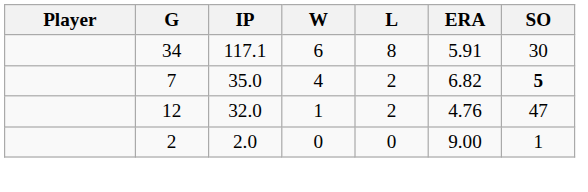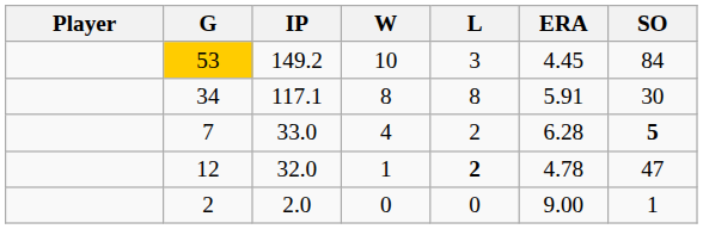 <table class="wikitable sortable">
 <tr>
 <th bgcolor="#DDDDFF" width="16%">Player</th>
 <th bgcolor="#DDDDFF" width="9%">G</th>
 <th bgcolor="#DDDDFF" width="9%">IP</th>
 <th bgcolor="#DDDDFF" width="9%">W</th>
 <th bgcolor="#DDDDFF" width="9%">L</th>
 <th bgcolor="#DDDDFF" width="9%">ERA</th>
 <th bgcolor="#DDDDFF" width="9%">SO</th>
 </tr>
 <tr align="center">
 <td></td>
+<td style="background:#fc0;">53</td>
+<td>149.2</td>
+<td>10</td>
+<td>3</td>
+<td>4.45</td>
+<td>84</td>
+</tr>
+<tr align="center">
+<td></td>
 <td>34</td>
 <td>117.1</td>
-<td>6</td>
+<td>8</td>
 <td>8</td>
 <td>5.91</td>
 <td>30</td>
 </tr>
 <tr align="center">
 <td></td>
 <td>7</td>
-<td>35.0</td>
+<td>33.0</td>
 <td>4</td>
 <td>2</td>
-<td>6.82</td>
+<td>6.28</td>
 <td><strong>5</strong></td>
 </tr>
 <tr align="center">
 <td></td>
 <td>12</td>
 <td>32.0</td>
 <td>1</td>
-<td>2</td>
-<td>4.76</td>
+<td><strong>2</strong></td>
+<td>4.78</td>
 <td>47</td>
 </tr>
 <tr align="center">
 <td></td>
 <td>2</td>
 <td>2.0</td>
 <td>0</td>
 <td>0</td>
 <td>9.00</td>
 <td>1</td>
 </tr>
 </table>
